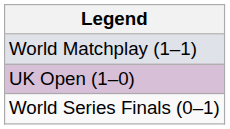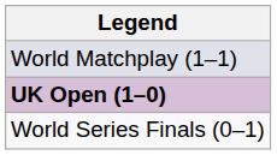 <table class="wikitable">
 <tr>
 <th>Legend</th>
 </tr>
 <tr style="background:#dfe2e9;">
 <td>World Matchplay (1–1)</td>
 </tr>
 <tr style="background:thistle">
-<td>UK Open (1–0)</td>
+<td><strong>UK Open (1–0)</strong></td>
 </tr>
 <tr>
 <td>World Series Finals (0–1)</td>
 </tr>
 </table>
